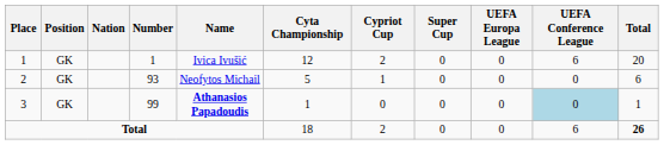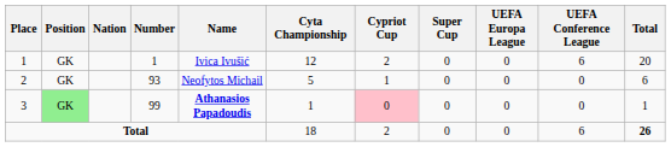 <table class="wikitable" style="font-size: 95%; text-align: center;">
 <tr>
 <th width=60>Place</th>
 <th width=60>Position</th>
 <th width=60>Nation</th>
 <th width=60>Number</th>
 <th width=200>Name</th>
 <th width=150>Cyta Championship</th>
 <th width=150>Cypriot Cup</th>
 <th width=150>Super Cup</th>
 <th width=150>UEFA Europa League</th>
 <th width=200>UEFA Conference League</th>
 <th width=80><strong>Total</strong></th>
 </tr>
 <tr>
 <td>1</td>
 <td>GK</td>
 <td></td>
 <td>1</td>
 <td><a href='#'>Ivica Ivušić</a></td>
 <td>12</td>
 <td>2</td>
 <td>0</td>
 <td>0</td>
 <td>6</td>
 <td>20</td>
 </tr>
 <tr>
 <td>2</td>
 <td>GK</td>
 <td></td>
 <td>93</td>
 <td><a href='#'>Neofytos Michail</a></td>
 <td>5</td>
 <td>1</td>
 <td>0</td>
 <td>0</td>
 <td>0</td>
 <td>6</td>
 </tr>
 <tr>
 <td>3</td>
-<td>GK</td>
+<td style="background: lightgreen;">GK</td>
 <td></td>
 <td>99</td>
 <td><strong><a href='#'>Athanasios Papadoudis</a></strong></td>
 <td>1</td>
+<td style="background: pink;">0</td>
 <td>0</td>
 <td>0</td>
 <td>0</td>
-<td style="background: lightblue;">0</td>
 <td>1</td>
 </tr>
 <tr>
 <td colspan="5"><strong>Total</strong></td>
 <td>18</td>
 <td>2</td>
 <td>0</td>
 <td>0</td>
 <td>6</td>
 <td><strong>26</strong></td>
 </tr>
 </table>
